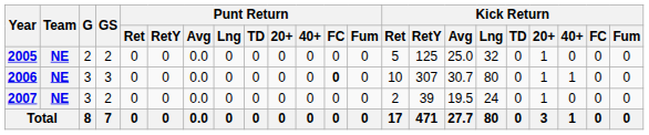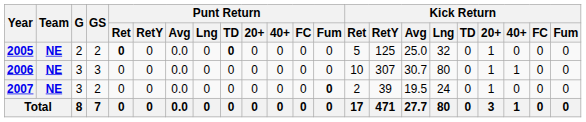 <table class="wikitable" style="text-align: center;">
 <tr>
 <th rowspan="2">Year</th>
 <th rowspan="2">Team</th>
 <th rowspan="2">G</th>
 <th rowspan="2">GS</th>
 <th colspan="9">Punt Return</th>
 <th colspan="9">Kick Return</th>
 </tr>
 <tr>
 <th>Ret</th>
 <th>RetY</th>
 <th>Avg</th>
 <th>Lng</th>
 <th>TD</th>
 <th>20+</th>
 <th>40+</th>
 <th>FC</th>
 <th>Fum</th>
 <th>Ret</th>
 <th>RetY</th>
 <th>Avg</th>
 <th>Lng</th>
 <th>TD</th>
 <th>20+</th>
 <th>40+</th>
 <th>FC</th>
 <th>Fum</th>
 </tr>
 <tr>
 <th><a href='#'>2005</a></th>
 <th><a href='#'>NE</a></th>
 <td>2</td>
 <td>2</td>
-<td>0</td>
+<td><strong>0</strong></td>
 <td>0</td>
 <td>0.0</td>
 <td>0</td>
-<td>0</td>
+<td><strong>0</strong></td>
 <td>0</td>
 <td>0</td>
 <td>0</td>
 <td>0</td>
 <td>5</td>
 <td>125</td>
 <td>25.0</td>
 <td>32</td>
 <td>0</td>
 <td>1</td>
 <td>0</td>
 <td>0</td>
 <td>0</td>
 </tr>
 <tr>
 <th><a href='#'>2006</a></th>
 <th><a href='#'>NE</a></th>
 <td>3</td>
 <td>3</td>
 <td>0</td>
 <td>0</td>
 <td>0.0</td>
 <td>0</td>
 <td>0</td>
 <td>0</td>
 <td>0</td>
-<td><strong>0</strong></td>
+<td>0</td>
 <td>0</td>
 <td>10</td>
 <td>307</td>
 <td>30.7</td>
 <td>80</td>
 <td>0</td>
 <td>1</td>
 <td>1</td>
 <td>0</td>
 <td>0</td>
 </tr>
 <tr>
 <th><a href='#'>2007</a></th>
 <th><a href='#'>NE</a></th>
 <td>3</td>
 <td>2</td>
 <td>0</td>
 <td>0</td>
 <td>0.0</td>
 <td>0</td>
 <td>0</td>
 <td>0</td>
 <td>0</td>
 <td>0</td>
-<td>0</td>
+<td><strong>0</strong></td>
 <td>2</td>
 <td>39</td>
 <td>19.5</td>
 <td>24</td>
 <td>0</td>
 <td>1</td>
 <td>0</td>
 <td>0</td>
 <td>0</td>
 </tr>
 <tr>
 <th colspan="2">Total</th>
 <th>8</th>
 <th>7</th>
 <th>0</th>
 <th>0</th>
 <th>0.0</th>
 <th>0</th>
 <th>0</th>
 <th>0</th>
 <th>0</th>
 <th>0</th>
 <th>0</th>
 <th>17</th>
 <th>471</th>
 <th>27.7</th>
 <th>80</th>
 <th>0</th>
 <th>3</th>
 <th>1</th>
 <th>0</th>
 <th>0</th>
 </tr>
 </table>
